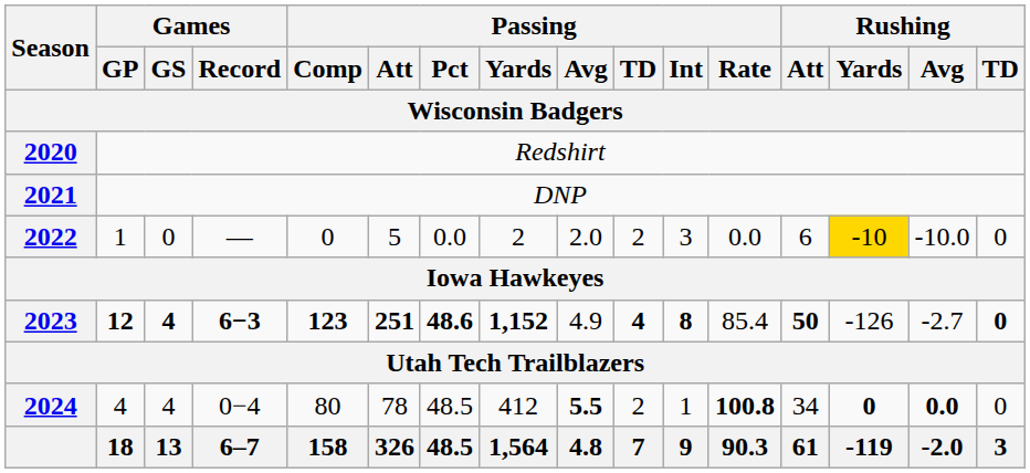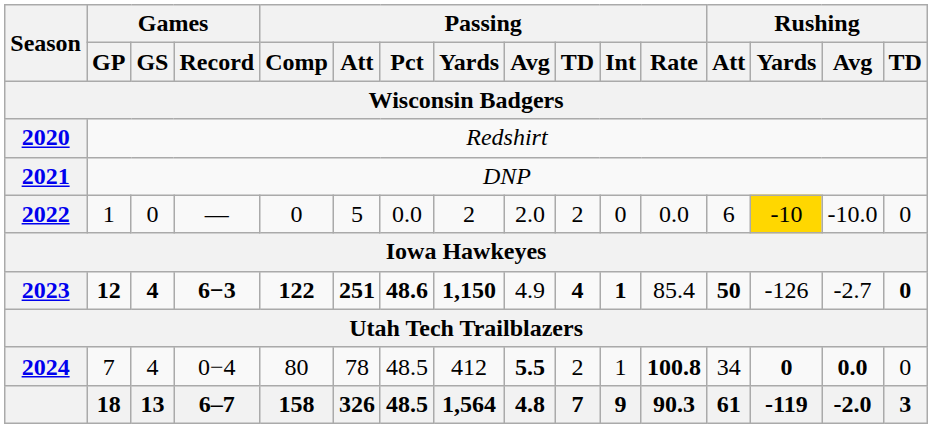 <table class="wikitable" style="text-align:center;">
 <tr>
 <th rowspan="2">Season</th>
 <th colspan="3">Games</th>
 <th colspan="8">Passing</th>
 <th colspan="5">Rushing</th>
 </tr>
 <tr>
 <th>GP</th>
 <th>GS</th>
 <th>Record</th>
 <th>Comp</th>
 <th>Att</th>
 <th>Pct</th>
 <th>Yards</th>
 <th>Avg</th>
 <th>TD</th>
 <th>Int</th>
 <th>Rate</th>
 <th>Att</th>
 <th>Yards</th>
 <th>Avg</th>
 <th>TD</th>
 </tr>
 <tr>
 <th colspan="16">Wisconsin Badgers</th>
 </tr>
 <tr>
 <th><a href='#'>2020</a></th>
 <td colspan="16"><em>Redshirt </em></td>
 </tr>
 <tr>
 <th><a href='#'>2021</a></th>
 <td colspan="16"><em>DNP</em></td>
 </tr>
 <tr>
 <th><a href='#'>2022</a></th>
 <td>1</td>
 <td>0</td>
 <td>—</td>
 <td>0</td>
 <td>5</td>
 <td>0.0</td>
 <td>2</td>
 <td>2.0</td>
 <td>2</td>
-<td>3</td>
+<td>0</td>
 <td>0.0</td>
 <td>6</td>
 <td style="background: gold;">-10</td>
 <td>-10.0</td>
 <td>0</td>
 </tr>
 <tr>
 <th colspan="16">Iowa Hawkeyes</th>
 </tr>
 <tr>
 <th><a href='#'>2023</a></th>
 <td><strong>12</strong></td>
 <td><strong>4</strong></td>
 <td><strong>6−3</strong></td>
-<td><strong>123</strong></td>
+<td><strong>122</strong></td>
 <td><strong>251</strong></td>
 <td><strong>48.6</strong></td>
-<td><strong>1,152</strong></td>
+<td><strong>1,150</strong></td>
 <td>4.9</td>
 <td><strong>4</strong></td>
-<td><strong>8</strong></td>
+<td><strong>1</strong></td>
 <td>85.4</td>
 <td><strong>50</strong></td>
 <td>-126</td>
 <td>-2.7</td>
 <td><strong>0</strong></td>
 </tr>
 <tr>
 <th colspan="16">Utah Tech Trailblazers</th>
 </tr>
 <tr>
 <th><a href='#'>2024</a></th>
-<td>4</td>
+<td>7</td>
 <td>4</td>
 <td>0−4</td>
 <td>80</td>
 <td>78</td>
 <td>48.5</td>
 <td>412</td>
 <td><strong>5.5</strong></td>
 <td>2</td>
 <td>1</td>
 <td><strong>100.8</strong></td>
 <td>34</td>
 <td><strong>0</strong></td>
 <td><strong>0.0</strong></td>
 <td>0</td>
 </tr>
 <tr>
 <th></th>
 <th>18</th>
 <th>13</th>
 <th>6–7</th>
 <th>158</th>
 <th>326</th>
 <th>48.5</th>
 <th>1,564</th>
 <th>4.8</th>
 <th>7</th>
 <th>9</th>
 <th>90.3</th>
 <th>61</th>
 <th>-119</th>
 <th>-2.0</th>
 <th>3</th>
 </tr>
 </table>
